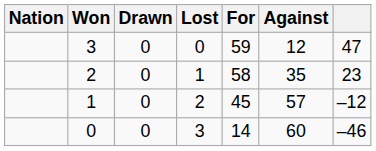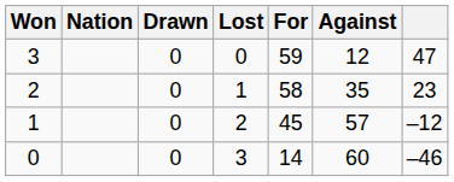 <table class="wikitable" style="text-align: center;">
 <tr>
+<th>Won</th>
 <th>Nation</th>
-<th>Won</th>
 <th>Drawn</th>
 <th>Lost</th>
 <th>For</th>
 <th>Against</th>
 <th></th>
 </tr>
 <tr>
+<td>3</td>
 <td align=left></td>
-<td>3</td>
 <td>0</td>
 <td>0</td>
 <td>59</td>
 <td>12</td>
 <td>47</td>
 </tr>
 <tr>
+<td>2</td>
 <td align=left></td>
-<td>2</td>
 <td>0</td>
 <td>1</td>
 <td>58</td>
 <td>35</td>
 <td>23</td>
 </tr>
 <tr>
+<td>1</td>
 <td align=left></td>
-<td>1</td>
 <td>0</td>
 <td>2</td>
 <td>45</td>
 <td>57</td>
 <td>–12</td>
 </tr>
 <tr>
+<td>0</td>
 <td align=left></td>
-<td>0</td>
 <td>0</td>
 <td>3</td>
 <td>14</td>
 <td>60</td>
 <td>–46</td>
 </tr>
 </table>
